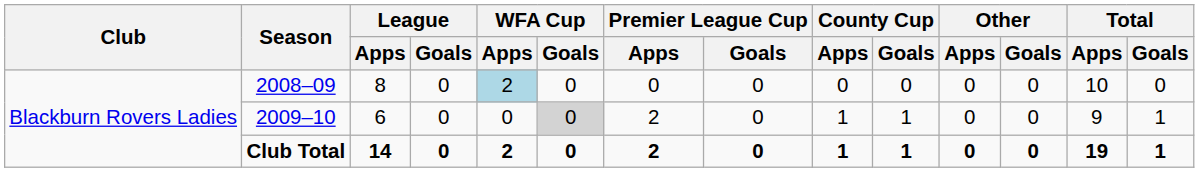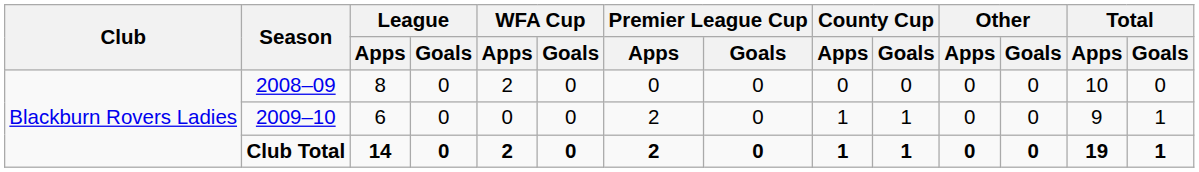 <table class="wikitable" border="1" style="text-align: center;">
 <tr>
 <th rowspan="2">Club</th>
 <th rowspan="2">Season</th>
 <th colspan="2">League</th>
 <th colspan="2">WFA Cup</th>
 <th colspan="2">Premier League Cup</th>
 <th colspan="2">County Cup</th>
 <th colspan="2">Other</th>
 <th colspan="2">Total</th>
 </tr>
 <tr>
 <th>Apps</th>
 <th>Goals</th>
 <th>Apps</th>
 <th>Goals</th>
 <th>Apps</th>
 <th>Goals</th>
 <th>Apps</th>
 <th>Goals</th>
 <th>Apps</th>
 <th>Goals</th>
 <th>Apps</th>
 <th>Goals</th>
 </tr>
 <tr>
 <td rowspan="3" valign="center"><a href='#'>Blackburn Rovers Ladies</a></td>
 <td><a href='#'>2008–09</a></td>
 <td>8</td>
 <td>0</td>
-<td style="background: lightblue;">2</td>
+<td>2</td>
 <td>0</td>
 <td>0</td>
 <td>0</td>
 <td>0</td>
 <td>0</td>
 <td>0</td>
 <td>0</td>
 <td>10</td>
 <td>0</td>
 </tr>
 <tr>
 <td><a href='#'>2009–10</a></td>
 <td>6</td>
 <td>0</td>
 <td>0</td>
-<td style="background: lightgrey;">0</td>
+<td>0</td>
 <td>2</td>
 <td>0</td>
 <td>1</td>
 <td>1</td>
 <td>0</td>
 <td>0</td>
 <td>9</td>
 <td>1</td>
 </tr>
 <tr>
 <td><strong>Club Total</strong></td>
 <td><strong>14</strong></td>
 <td><strong>0</strong></td>
 <td><strong>2</strong></td>
 <td><strong>0</strong></td>
 <td><strong>2</strong></td>
 <td><strong>0</strong></td>
 <td><strong>1</strong></td>
 <td><strong>1</strong></td>
 <td><strong>0</strong></td>
 <td><strong>0</strong></td>
 <td><strong>19</strong></td>
 <td><strong>1</strong></td>
 </tr>
 </table>
